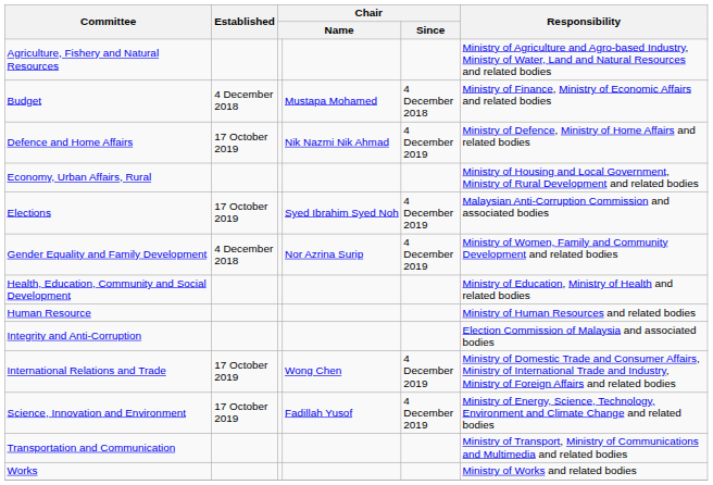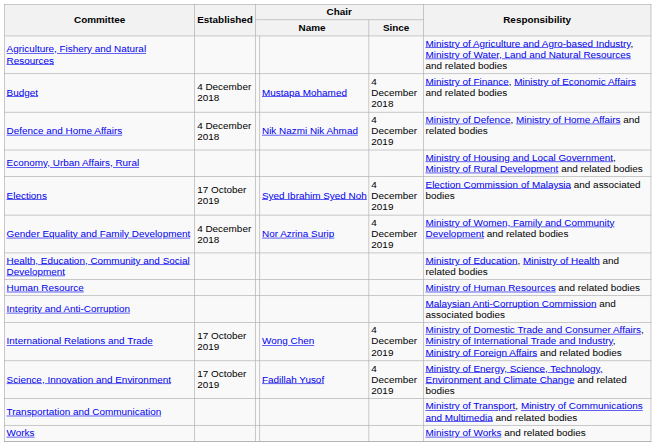 <table class="wikitable">
 <tr>
 <th width=300 rowspan="2">Committee</th>
 <th width=80 rowspan="2">Established</th>
 <th width=90 colspan="3">Chair</th>
 <th width=360 rowspan="2">Responsibility</th>
 </tr>
 <tr>
 <th width=60 colspan="2">Name</th>
 <th width=80>Since</th>
 </tr>
 <tr>
 <td><a href='#'>Agriculture, Fishery and Natural Resources</a></td>
 <td></td>
 <td style="background-color: "></td>
 <td></td>
 <td></td>
 <td style="vertical-align: top;"><a href='#'>Ministry of Agriculture and Agro-based Industry</a>, <a href='#'>Ministry of Water, Land and Natural Resources</a> and related bodies</td>
 </tr>
 <tr>
 <td><a href='#'>Budget</a></td>
 <td>4 December 2018</td>
 <td style="background-color: "></td>
 <td><a href='#'>Mustapa Mohamed</a></td>
 <td>4 December 2018</td>
 <td style="vertical-align: top;"><a href='#'>Ministry of Finance</a>, <a href='#'>Ministry of Economic Affairs</a> and related bodies</td>
 </tr>
 <tr>
 <td><a href='#'>Defence and Home Affairs</a></td>
-<td>17 October 2019</td>
+<td>4 December 2018</td>
 <td style="background-color: "></td>
 <td><a href='#'>Nik Nazmi Nik Ahmad</a></td>
 <td>4 December 2019</td>
 <td style="vertical-align: top;"><a href='#'>Ministry of Defence</a>, <a href='#'>Ministry of Home Affairs</a> and related bodies</td>
 </tr>
 <tr>
 <td><a href='#'>Economy, Urban Affairs, Rural</a></td>
 <td></td>
 <td style="background-color: "></td>
 <td></td>
 <td></td>
 <td style="vertical-align: top;"><a href='#'>Ministry of Housing and Local Government</a>, <a href='#'>Ministry of Rural Development</a> and related bodies</td>
 </tr>
 <tr>
 <td><a href='#'>Elections</a></td>
 <td>17 October 2019</td>
 <td style="background-color: "></td>
 <td><a href='#'>Syed Ibrahim Syed Noh</a></td>
 <td>4 December 2019</td>
-<td style="vertical-align: top;"><a href='#'>Malaysian Anti-Corruption Commission</a> and associated bodies</td>
+<td style="vertical-align: top;"><a href='#'>Election Commission of Malaysia</a> and associated bodies</td>
 </tr>
 <tr>
 <td><a href='#'>Gender Equality and Family Development</a></td>
 <td>4 December 2018</td>
 <td style="background-color: "></td>
 <td><a href='#'>Nor Azrina Surip</a></td>
 <td>4 December 2019</td>
 <td style="vertical-align: top;"><a href='#'>Ministry of Women, Family and Community Development</a> and related bodies</td>
 </tr>
 <tr>
 <td><a href='#'>Health, Education, Community and Social Development</a></td>
 <td></td>
 <td style="background-color: "></td>
 <td></td>
 <td></td>
 <td style="vertical-align: top;"><a href='#'>Ministry of Education</a>, <a href='#'>Ministry of Health</a> and related bodies</td>
 </tr>
 <tr>
 <td><a href='#'>Human Resource</a></td>
 <td></td>
 <td style="background-color: "></td>
 <td></td>
 <td></td>
 <td style="vertical-align: top;"><a href='#'>Ministry of Human Resources</a> and related bodies</td>
 </tr>
 <tr>
 <td><a href='#'>Integrity and Anti-Corruption</a></td>
 <td></td>
 <td style="background-color: "></td>
 <td></td>
 <td></td>
-<td style="vertical-align: top;"><a href='#'>Election Commission of Malaysia</a> and associated bodies</td>
+<td style="vertical-align: top;"><a href='#'>Malaysian Anti-Corruption Commission</a> and associated bodies</td>
 </tr>
 <tr>
 <td><a href='#'>International Relations and Trade</a></td>
 <td>17 October 2019</td>
 <td style="background-color: "></td>
 <td><a href='#'>Wong Chen</a></td>
 <td>4 December 2019</td>
 <td style="vertical-align: top;"><a href='#'>Ministry of Domestic Trade and Consumer Affairs</a>, <a href='#'>Ministry of International Trade and Industry</a>, <a href='#'>Ministry of Foreign Affairs</a> and related bodies</td>
 </tr>
 <tr>
 <td><a href='#'>Science, Innovation and Environment</a></td>
 <td>17 October 2019</td>
 <td></td>
 <td><a href='#'>Fadillah Yusof</a></td>
 <td>4 December 2019</td>
 <td style="vertical-align: top;"><a href='#'>Ministry of Energy, Science, Technology, Environment and Climate Change</a> and related bodies</td>
 </tr>
 <tr>
 <td><a href='#'>Transportation and Communication</a></td>
 <td></td>
 <td style="background-color: "></td>
 <td></td>
 <td></td>
 <td style="vertical-align: top;"><a href='#'>Ministry of Transport</a>, <a href='#'>Ministry of Communications and Multimedia</a> and related bodies</td>
 </tr>
 <tr>
 <td><a href='#'>Works</a></td>
 <td></td>
 <td style="background-color: "></td>
 <td></td>
 <td></td>
 <td style="vertical-align: top;"><a href='#'>Ministry of Works</a> and related bodies</td>
 </tr>
 <tr>
 </tr>
 </table>
